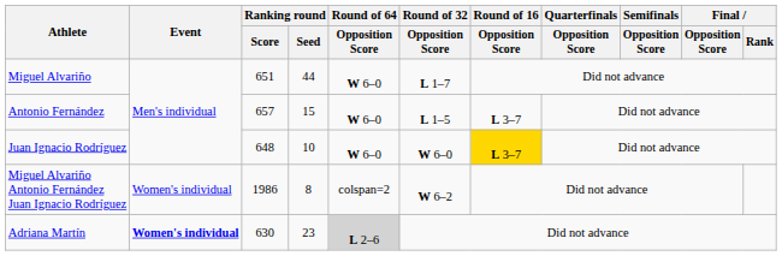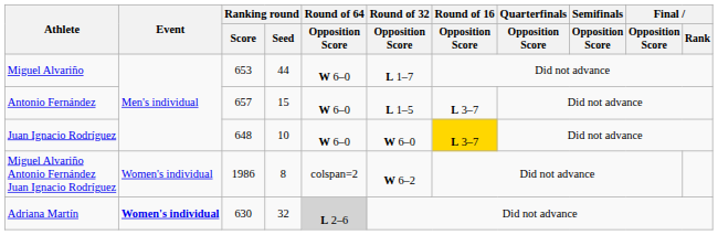 <table class="wikitable" style="font-size:90%">
 <tr>
 <th rowspan=2>Athlete</th>
 <th rowspan=2>Event</th>
 <th colspan="2">Ranking round</th>
 <th>Round of 64</th>
 <th>Round of 32</th>
 <th>Round of 16</th>
 <th>Quarterfinals</th>
 <th>Semifinals</th>
 <th colspan="2">Final / </th>
 </tr>
 <tr style="font-size:95%">
 <th>Score</th>
 <th>Seed</th>
 <th>Opposition<br>Score</th>
 <th>Opposition<br>Score</th>
 <th>Opposition<br>Score</th>
 <th>Opposition<br>Score</th>
 <th>Opposition<br>Score</th>
 <th>Opposition<br>Score</th>
 <th>Rank</th>
 </tr>
 <tr align=center>
 <td align=left><a href='#'>Miguel Alvariño</a></td>
 <td style="text-align:left;" rowspan="3"><a href='#'>Men's individual</a></td>
-<td>651</td>
+<td>653</td>
 <td>44</td>
 <td><br><strong>W</strong> 6–0</td>
 <td><br><strong>L</strong> 1–7</td>
 <td colspan=5>Did not advance</td>
 </tr>
 <tr align=center>
 <td align=left><a href='#'>Antonio Fernández</a></td>
 <td>657</td>
 <td>15</td>
 <td><br><strong>W</strong> 6–0</td>
 <td><br><strong>L</strong> 1–5</td>
 <td><br><strong>L</strong> 3–7</td>
 <td colspan=4>Did not advance</td>
 </tr>
 <tr align=center>
 <td align=left><a href='#'>Juan Ignacio Rodríguez</a></td>
 <td>648</td>
 <td>10</td>
 <td><br><strong>W</strong> 6–0</td>
 <td><br><strong>W</strong> 6–0</td>
 <td style="background: gold;"><br><strong>L</strong> 3–7</td>
 <td colspan=4>Did not advance</td>
 </tr>
 <tr align=center>
 <td align=left><a href='#'>Miguel Alvariño</a><br><a href='#'>Antonio Fernández</a><br><a href='#'>Juan Ignacio Rodríguez</a></td>
 <td align=left><a href='#'>Women's individual</a></td>
 <td>1986</td>
 <td>8</td>
 <td>colspan=2 </td>
 <td><br><strong>W</strong> 6–2</td>
 <td colspan=4>Did not advance</td>
 </tr>
 <tr align=center>
 <td align=left><a href='#'>Adriana Martín</a></td>
 <td align=left><strong><a href='#'>Women's individual</a></strong></td>
 <td>630</td>
-<td>23</td>
+<td>32</td>
 <td style="background: lightgrey;"><br><strong>L</strong> 2–6</td>
 <td colspan=6>Did not advance</td>
 </tr>
 </table>
